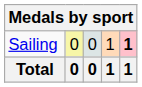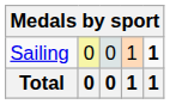 <table class="wikitable" style="font-size:90%; text-align:center;">
 <tr>
 <th colspan="5">Medals by sport</th>
 </tr>
 <tr>
 <td align="left"><a href='#'>Sailing</a></td>
 <td style="background:#F7F6A8;">0</td>
 <td style="background:#DCE5E5;">0</td>
 <td style="background:#FFDAB9;">1</td>
-<td style="background: pink;"><strong>1</strong></td>
+<td><strong>1</strong></td>
 </tr>
 <tr class="sortbottom">
 <th>Total</th>
 <th>0</th>
 <th>0</th>
 <th>1</th>
 <th>1</th>
 </tr>
 </table>
